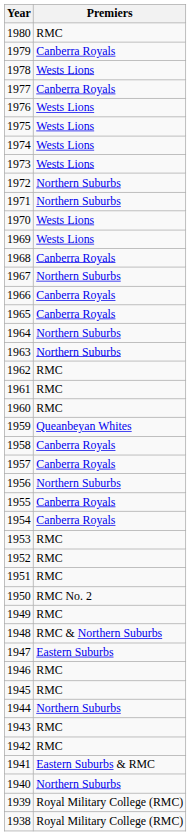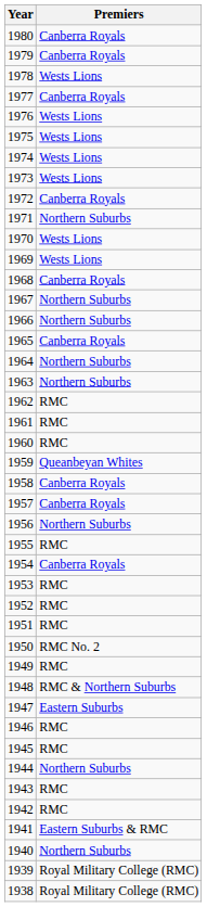 <table class="wikitable" style="flex-grow:1">
 <tr>
 <th>Year</th>
 <th>Premiers</th>
 </tr>
 <tr>
 <td>1980</td>
-<td> RMC</td>
+<td> <a href='#'>Canberra Royals</a></td>
 </tr>
 <tr>
 <td>1979</td>
 <td> <a href='#'>Canberra Royals</a></td>
 </tr>
 <tr>
 <td>1978</td>
 <td> <a href='#'>Wests Lions</a></td>
 </tr>
 <tr>
 <td>1977</td>
 <td> <a href='#'>Canberra Royals</a></td>
 </tr>
 <tr>
 <td>1976</td>
 <td> <a href='#'>Wests Lions</a></td>
 </tr>
 <tr>
 <td>1975</td>
 <td> <a href='#'>Wests Lions</a></td>
 </tr>
 <tr>
 <td>1974</td>
 <td> <a href='#'>Wests Lions</a></td>
 </tr>
 <tr>
 <td>1973</td>
 <td> <a href='#'>Wests Lions</a></td>
 </tr>
 <tr>
 <td>1972</td>
-<td> <a href='#'>Northern Suburbs</a></td>
+<td> <a href='#'>Canberra Royals</a></td>
 </tr>
 <tr>
 <td>1971</td>
 <td> <a href='#'>Northern Suburbs</a></td>
 </tr>
 <tr>
 <td>1970</td>
 <td> <a href='#'>Wests Lions</a></td>
 </tr>
 <tr>
 <td>1969</td>
 <td> <a href='#'>Wests Lions</a></td>
 </tr>
 <tr>
 <td>1968</td>
 <td> <a href='#'>Canberra Royals</a></td>
 </tr>
 <tr>
 <td>1967</td>
 <td> <a href='#'>Northern Suburbs</a></td>
 </tr>
 <tr>
 <td>1966</td>
-<td> <a href='#'>Canberra Royals</a></td>
+<td> <a href='#'>Northern Suburbs</a></td>
 </tr>
 <tr>
 <td>1965</td>
 <td> <a href='#'>Canberra Royals</a></td>
 </tr>
 <tr>
 <td>1964</td>
 <td> <a href='#'>Northern Suburbs</a></td>
 </tr>
 <tr>
 <td>1963</td>
 <td> <a href='#'>Northern Suburbs</a></td>
 </tr>
 <tr>
 <td>1962</td>
 <td> RMC</td>
 </tr>
 <tr>
 <td>1961</td>
 <td> RMC</td>
 </tr>
 <tr>
 <td>1960</td>
 <td> RMC</td>
 </tr>
 <tr>
 <td>1959</td>
 <td> <a href='#'>Queanbeyan Whites</a></td>
 </tr>
 <tr>
 <td>1958</td>
 <td> <a href='#'>Canberra Royals</a></td>
 </tr>
 <tr>
 <td>1957</td>
 <td> <a href='#'>Canberra Royals</a></td>
 </tr>
 <tr>
 <td>1956</td>
 <td> <a href='#'>Northern Suburbs</a></td>
 </tr>
 <tr>
 <td>1955</td>
-<td> <a href='#'>Canberra Royals</a></td>
+<td> RMC</td>
 </tr>
 <tr>
 <td>1954</td>
 <td> <a href='#'>Canberra Royals</a></td>
 </tr>
 <tr>
 <td>1953</td>
 <td> RMC</td>
 </tr>
 <tr>
 <td>1952</td>
 <td> RMC</td>
 </tr>
 <tr>
 <td>1951</td>
 <td> RMC</td>
 </tr>
 <tr>
 <td>1950</td>
 <td> RMC No. 2</td>
 </tr>
 <tr>
 <td>1949</td>
 <td> RMC</td>
 </tr>
 <tr>
 <td>1948</td>
 <td> RMC &  <a href='#'>Northern Suburbs</a></td>
 </tr>
 <tr>
 <td>1947</td>
 <td> <a href='#'>Eastern Suburbs</a></td>
 </tr>
 <tr>
 <td>1946</td>
 <td> RMC</td>
 </tr>
 <tr>
 <td>1945</td>
 <td> RMC</td>
 </tr>
 <tr>
 <td>1944</td>
 <td> <a href='#'>Northern Suburbs</a></td>
 </tr>
 <tr>
 <td>1943</td>
 <td> RMC</td>
 </tr>
 <tr>
 <td>1942</td>
 <td> RMC</td>
 </tr>
 <tr>
 <td>1941</td>
 <td> <a href='#'>Eastern Suburbs</a> &   RMC</td>
 </tr>
 <tr>
 <td>1940</td>
 <td> <a href='#'>Northern Suburbs</a></td>
 </tr>
 <tr>
 <td>1939</td>
 <td> Royal Military College (RMC)</td>
 </tr>
 <tr>
 <td>1938</td>
 <td> Royal Military College (RMC)</td>
 </tr>
 </table>
